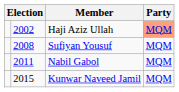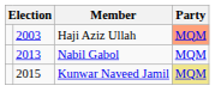 <table class="wikitable">
 <tr>
 <th colspan="2">Election</th>
 <th>Member</th>
 <th>Party</th>
 </tr>
 <tr>
 <td style="background-color: "></td>
-<td><a href='#'>2002</a></td>
+<td><a href='#'>2003</a></td>
 <td>Haji Aziz Ullah</td>
 <td style="background: lightsalmon;"><a href='#'>MQM</a></td>
 </tr>
 <tr>
 <td style="background-color: "></td>
-<td><a href='#'>2008</a></td>
-<td><a href='#'>Sufiyan Yousuf</a></td>
-<td><a href='#'>MQM</a></td>
-</tr>
-<tr>
-<td style="background-color: "></td>
-<td><a href='#'>2011</a></td>
+<td><a href='#'>2013</a></td>
 <td><a href='#'>Nabil Gabol</a></td>
 <td><a href='#'>MQM</a></td>
 </tr>
 <tr>
 <td style="background-color: "></td>
 <td>2015</td>
 <td><a href='#'>Kunwar Naveed Jamil</a></td>
-<td><a href='#'>MQM</a></td>
+<td style="background: khaki;"><a href='#'>MQM</a></td>
 </tr>
 </table>
